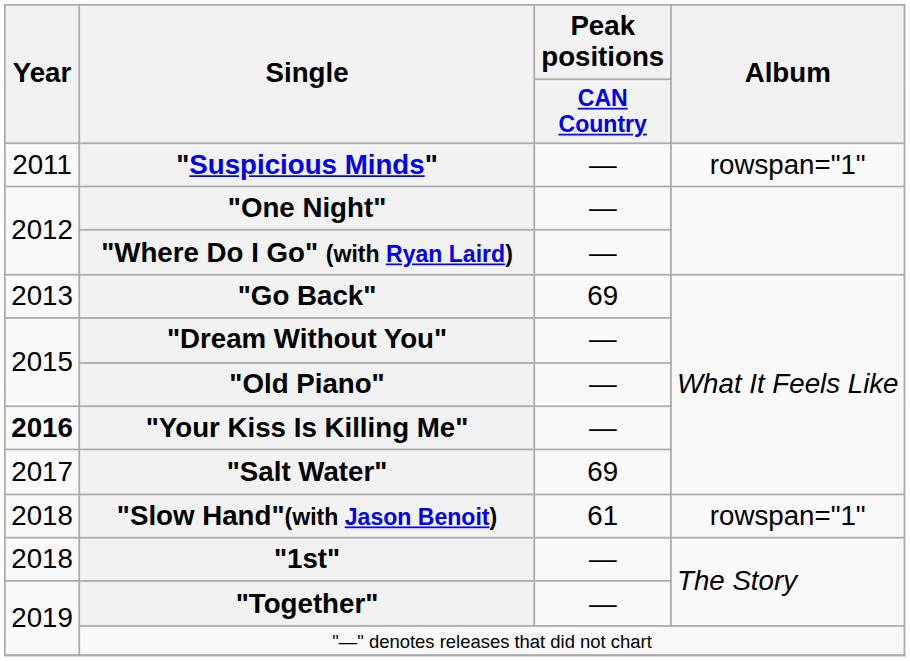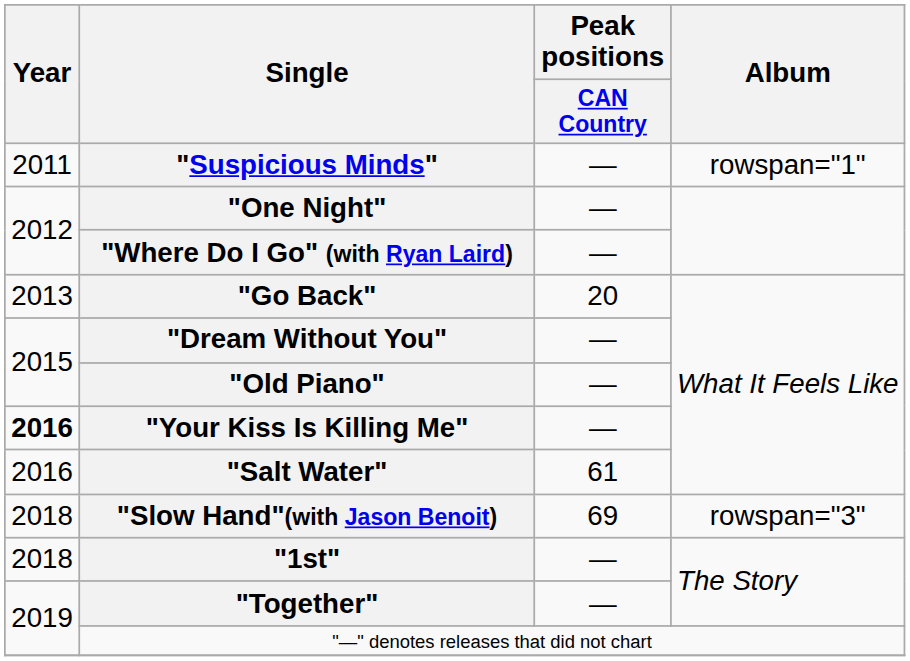 <table class="wikitable plainrowheaders" style="text-align:center;">
 <tr>
 <th rowspan="2">Year</th>
 <th rowspan="2" style="width:16em;">Single</th>
 <th>Peak positions</th>
 <th rowspan="2">Album</th>
 </tr>
 <tr style="font-size:smaller;">
 <th width="65"><a href='#'>CAN Country</a></th>
 </tr>
 <tr>
 <td>2011</td>
 <th scope="row">"<a href='#'>Suspicious Minds</a>"</th>
 <td>—</td>
 <td>rowspan="1" </td>
 </tr>
 <tr>
 <td rowspan="2">2012</td>
 <th scope="row">"One Night"</th>
 <td>—</td>
 </tr>
 <tr>
 <th scope="row">"Where Do I Go" <small>(with <a href='#'>Ryan Laird</a>)</small></th>
 <td>—</td>
 </tr>
 <tr>
 <td>2013</td>
 <th scope="row">"Go Back"</th>
-<td>69</td>
+<td>20</td>
 <td align="left" rowspan="5"><em>What It Feels Like</em></td>
 </tr>
 <tr>
 <td rowspan="2">2015</td>
 <th scope="row">"Dream Without You"</th>
 <td>—</td>
 </tr>
 <tr>
 <th scope="row">"Old Piano"</th>
 <td>—</td>
 </tr>
 <tr>
 <td><strong>2016</strong></td>
 <th scope="row">"Your Kiss Is Killing Me"</th>
 <td>—</td>
 </tr>
 <tr>
-<td>2017</td>
+<td>2016</td>
 <th scope="row">"Salt Water"</th>
-<td>69</td>
+<td>61</td>
 </tr>
 <tr>
 <td>2018</td>
 <th scope="row">"Slow Hand"<small>(with <a href='#'>Jason Benoit</a>)</small></th>
-<td>61</td>
-<td>rowspan="1" </td>
+<td>69</td>
+<td>rowspan="3" </td>
 </tr>
 <tr>
 <td>2018</td>
 <th scope="row">"1st"</th>
 <td>—</td>
 <td align="left" rowspan="2"><em>The Story</em></td>
 </tr>
 <tr>
 <td rowspan="2">2019</td>
 <th scope="row">"Together"</th>
 <td>—</td>
 </tr>
 <tr>
 <td colspan="4" style="font-size:8pt">"—" denotes releases that did not chart</td>
 </tr>
 <tr>
 </tr>
 </table>
